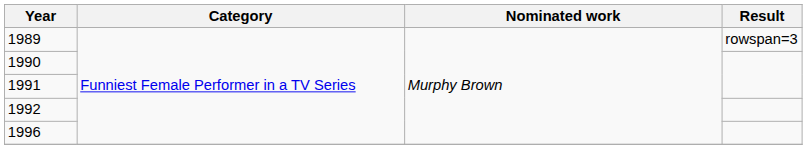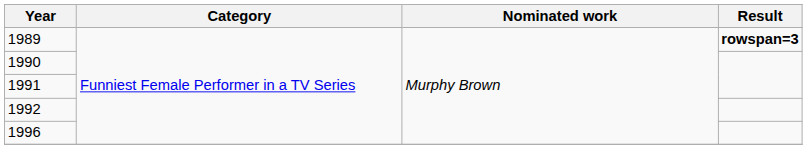 <table class=wikitable>
 <tr>
 <th scope="col" style="width:5em;">Year</th>
 <th scope="col" style="width:26em;">Category</th>
 <th scope="col" style="width:25em;">Nominated work</th>
 <th scope="col" style="width:5em;">Result</th>
 </tr>
 <tr>
 <td>1989</td>
 <td rowspan=5><a href='#'>Funniest Female Performer in a TV Series</a></td>
 <td rowspan=5><em>Murphy Brown</em></td>
-<td>rowspan=3 </td>
+<td><strong>rowspan=3 </strong></td>
 </tr>
 <tr>
 <td>1990</td>
 </tr>
 <tr>
 <td>1991</td>
 </tr>
 <tr>
 <td>1992</td>
 <td></td>
 </tr>
 <tr>
 <td>1996</td>
 <td></td>
 </tr>
 <tr>
 </tr>
 </table>
